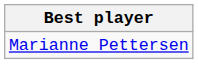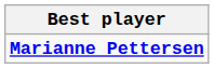 <table class="wikitable" style="margin: 0 auto;">
 <tr>
 <th>Best player</th>
 </tr>
 <tr>
-<td align=center> <a href='#'>Marianne Pettersen</a></td>
+<td align=center><strong> <a href='#'>Marianne Pettersen</a></strong></td>
 </tr>
 </table>
